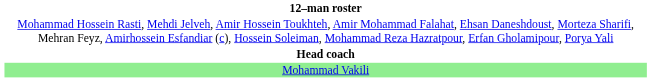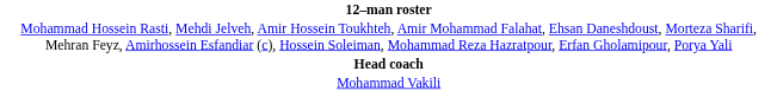 <table style="text-align:center; margin-top:2em; margin-left:auto; margin-right:auto">
 <tr>
 <td><strong>12–man roster</strong></td>
 </tr>
 <tr>
 <td><a href='#'>Mohammad Hossein Rasti</a>, <a href='#'>Mehdi Jelveh</a>, <a href='#'>Amir Hossein Toukhteh</a>, <a href='#'>Amir Mohammad Falahat</a>, <a href='#'>Ehsan Daneshdoust</a>, <a href='#'>Morteza Sharifi</a>, Mehran Feyz, <a href='#'>Amirhossein Esfandiar</a> (<a href='#'>c</a>), <a href='#'>Hossein Soleiman</a>, <a href='#'>Mohammad Reza Hazratpour</a>, <a href='#'>Erfan Gholamipour</a>, <a href='#'>Porya Yali</a></td>
 </tr>
 <tr>
 <td><strong>Head coach</strong></td>
 </tr>
 <tr>
-<td style="background: lightgreen;"><a href='#'>Mohammad Vakili</a></td>
+<td><a href='#'>Mohammad Vakili</a></td>
 </tr>
 </table>
